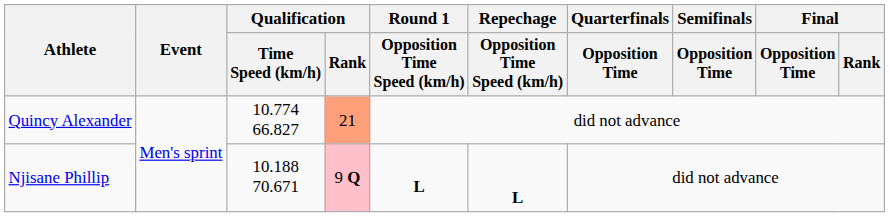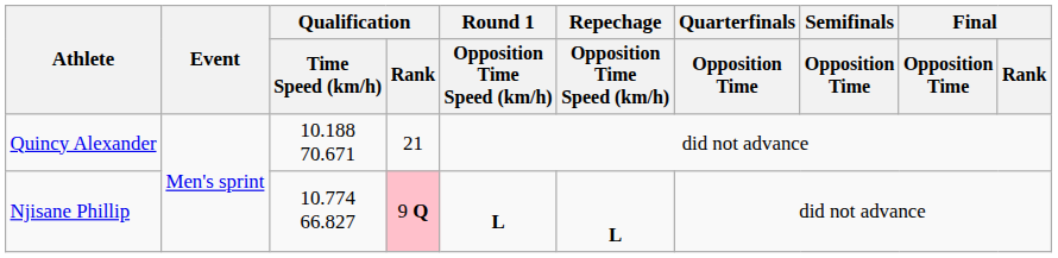 <table class="wikitable" style="font-size:90%;">
 <tr>
 <th rowspan=2>Athlete</th>
 <th rowspan=2>Event</th>
 <th colspan=2>Qualification</th>
 <th>Round 1</th>
 <th>Repechage</th>
 <th>Quarterfinals</th>
 <th>Semifinals</th>
 <th colspan=2>Final</th>
 </tr>
 <tr style="font-size:95%">
 <th>Time<br>Speed (km/h)</th>
 <th>Rank</th>
 <th>Opposition<br>Time<br>Speed (km/h)</th>
 <th>Opposition<br>Time<br>Speed (km/h)</th>
 <th>Opposition<br>Time</th>
 <th>Opposition<br>Time</th>
 <th>Opposition<br>Time</th>
 <th>Rank</th>
 </tr>
 <tr align=center>
 <td align=left><a href='#'>Quincy Alexander</a></td>
 <td align=left rowspan=2><a href='#'>Men's sprint</a></td>
-<td>10.774<br>66.827</td>
-<td style="background: lightsalmon;">21</td>
+<td>10.188<br>70.671</td>
+<td>21</td>
 <td colspan=6>did not advance</td>
 </tr>
 <tr align=center>
 <td align=left><a href='#'>Njisane Phillip</a></td>
-<td>10.188<br>70.671</td>
+<td>10.774<br>66.827</td>
 <td style="background: pink;">9 <strong>Q</strong></td>
 <td><br><strong>L</strong></td>
 <td><br><br><strong>L</strong></td>
 <td colspan=4>did not advance</td>
 </tr>
 </table>
